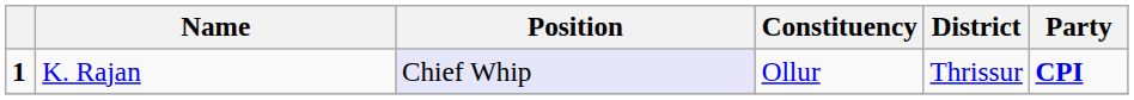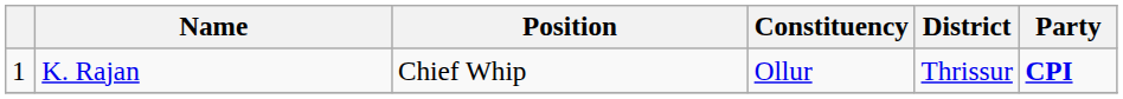 <table class="wikitable sortable">
 <tr>
 <th scope="col" style="width: 10px;"></th>
 <th scope="col" style="width: 200px;">Name</th>
 <th scope="col" style="width: 200px;">Position</th>
 <th scope="col" style="width: 50px;">Constituency</th>
 <th scope="col" style="width: 50px;">District</th>
 <th scope="col" style="width: 50px;">Party</th>
 </tr>
 <tr>
-<td><strong>1</strong></td>
+<td>1</td>
 <td><a href='#'>K. Rajan</a></td>
-<td style="background: lavender;">Chief Whip</td>
+<td>Chief Whip</td>
 <td><a href='#'>Ollur</a></td>
 <td><a href='#'>Thrissur</a></td>
 <td><strong><a href='#'>CPI</a></strong></td>
 </tr>
 <tr>
 </tr>
 </table>
